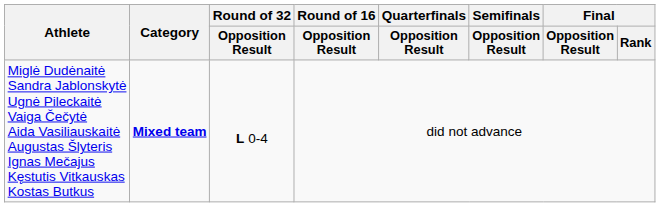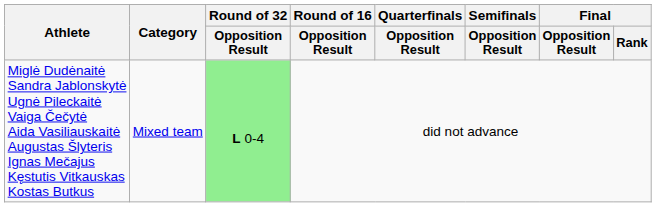 <table class="wikitable" style="text-align:center; font-size:90%">
 <tr>
 <th rowspan=2>Athlete</th>
 <th rowspan=2>Category</th>
 <th>Round of 32</th>
 <th>Round of 16</th>
 <th>Quarterfinals</th>
 <th>Semifinals</th>
 <th colspan=2>Final</th>
 </tr>
 <tr style="font-size:95%">
 <th>Opposition<br>Result</th>
 <th>Opposition<br>Result</th>
 <th>Opposition<br>Result</th>
 <th>Opposition<br>Result</th>
 <th>Opposition<br>Result</th>
 <th>Rank</th>
 </tr>
 <tr>
 <td align=left><a href='#'>Miglė Dudėnaitė</a><br><a href='#'>Sandra Jablonskytė</a><br><a href='#'>Ugnė Pileckaitė</a><br><a href='#'>Vaiga Čečytė</a><br><a href='#'>Aida Vasiliauskaitė</a><br><a href='#'>Augustas Šlyteris</a><br><a href='#'>Ignas Mečajus</a><br><a href='#'>Kęstutis Vitkauskas</a><br><a href='#'>Kostas Butkus</a></td>
-<td align=left><strong><a href='#'>Mixed team</a></strong></td>
-<td> <br> <strong>L</strong> 0-4</td>
+<td align=left><a href='#'>Mixed team</a></td>
+<td style="background: lightgreen;"> <br> <strong>L</strong> 0-4</td>
 <td colspan=5>did not advance</td>
 </tr>
 </table>
